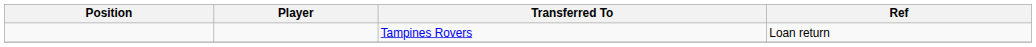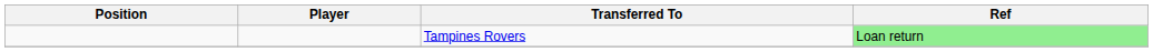 <table class="wikitable sortable" style="width:70%; text-align:center; font-size:100%; text-align:left;">
 <tr>
 <th><strong>Position</strong></th>
 <th><strong>Player</strong></th>
 <th><strong>Transferred To</strong></th>
 <th><strong>Ref</strong></th>
 </tr>
 <tr>
 <td></td>
 <td></td>
 <td>  <a href='#'>Tampines Rovers</a></td>
-<td>Loan return</td>
+<td style="background: lightgreen;">Loan return</td>
 </tr>
 <tr>
 </tr>
 </table>
